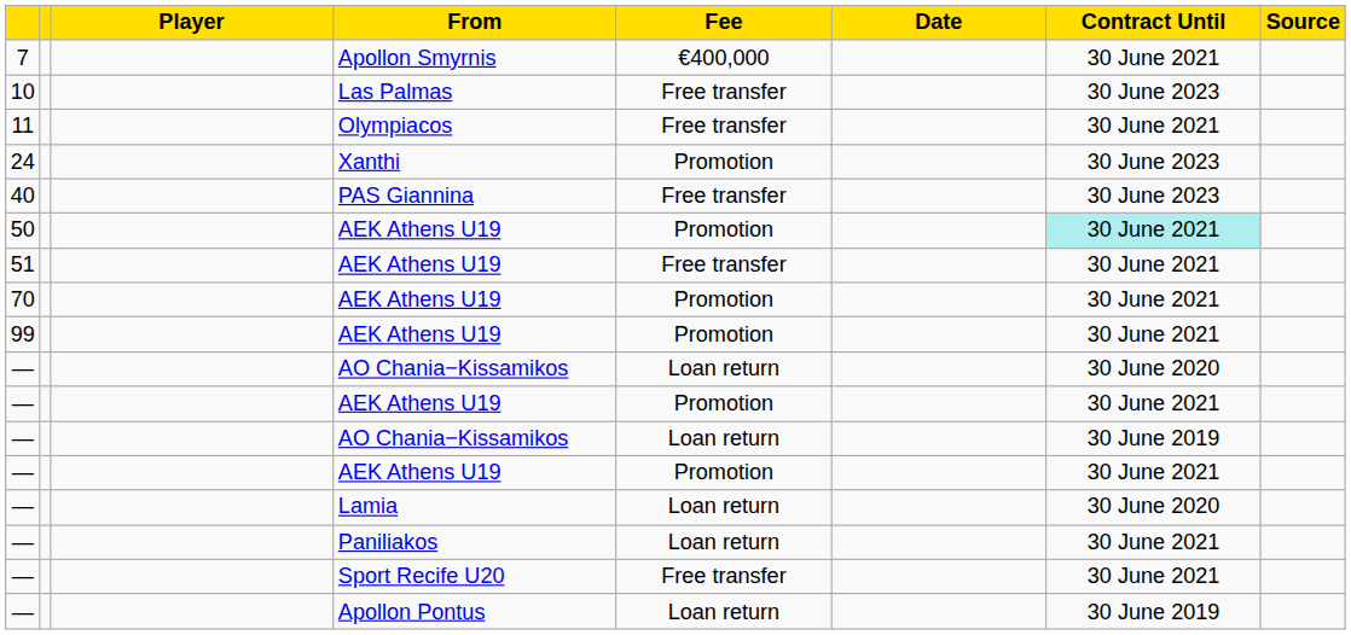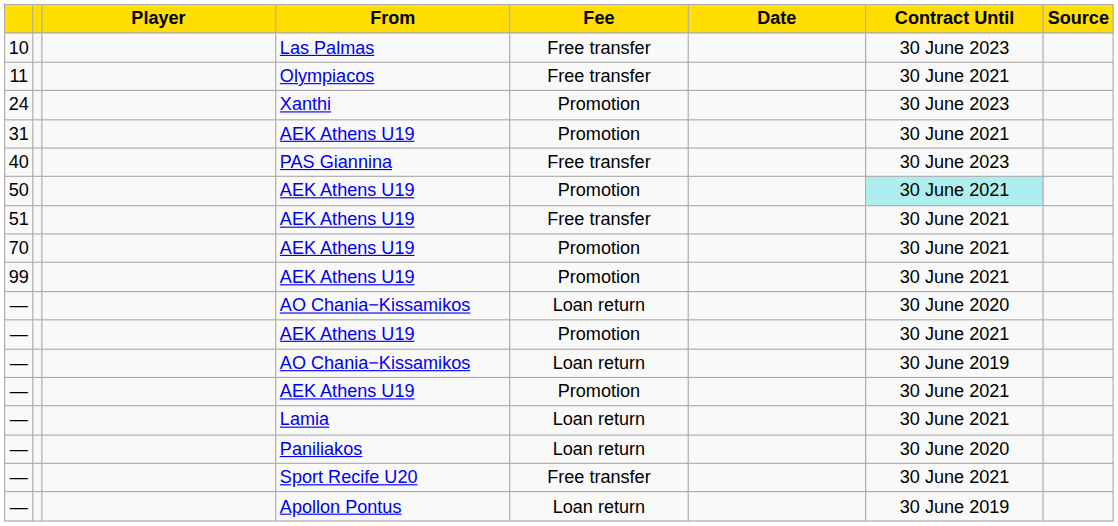 <table class="wikitable sortable">
 <tr>
 <th style="background:#FFDE00"></th>
 <th style="background:#FFDE00"></th>
 <th width=200 style="background:#FFDE00">Player</th>
 <th width=200 style="background:#FFDE00">From</th>
 <th width=150 style="background:#FFDE00">Fee</th>
 <th width=150 style="background:#FFDE00">Date</th>
 <th width=150 style="background:#FFDE00">Contract Until</th>
 <th style="background:#FFDE00">Source</th>
-</tr>
-<tr>
-<td align=center>7</td>
-<td align=center></td>
-<td></td>
-<td> <a href='#'>Apollon Smyrnis</a></td>
-<td align=center>€400,000</td>
-<td align=center></td>
-<td align=center>30 June 2021</td>
-<td align=center></td>
 </tr>
 <tr>
 <td align=center>10</td>
 <td align=center></td>
 <td></td>
 <td> <a href='#'>Las Palmas</a></td>
 <td align=center>Free transfer</td>
 <td align=center></td>
 <td align=center>30 June 2023</td>
 <td align=center></td>
 </tr>
 <tr>
 <td align=center>11</td>
 <td align=center></td>
 <td></td>
 <td> <a href='#'>Olympiacos</a></td>
 <td align=center>Free transfer</td>
 <td align=center></td>
 <td align=center>30 June 2021</td>
 <td align=center></td>
 </tr>
 <tr>
 <td align=center>24</td>
 <td align=center></td>
 <td></td>
 <td> <a href='#'>Xanthi</a></td>
 <td align=center>Promotion</td>
 <td align=center></td>
 <td align=center>30 June 2023</td>
+<td align=center></td>
+</tr>
+<tr>
+<td align=center>31</td>
+<td align=center></td>
+<td></td>
+<td> <a href='#'>AEK Athens U19</a></td>
+<td align=center>Promotion</td>
+<td align=center></td>
+<td align=center>30 June 2021</td>
 <td align=center></td>
 </tr>
 <tr>
 <td align=center>40</td>
 <td align=center></td>
 <td></td>
 <td> <a href='#'>PAS Giannina</a></td>
 <td align=center>Free transfer</td>
 <td align=center></td>
 <td align=center>30 June 2023</td>
 <td align=center></td>
 </tr>
 <tr>
 <td align=center>50</td>
 <td align=center></td>
 <td></td>
 <td> <a href='#'>AEK Athens U19</a></td>
 <td align=center>Promotion</td>
 <td align=center></td>
 <td align=center style="background: paleturquoise;">30 June 2021</td>
 <td align=center></td>
 </tr>
 <tr>
 <td align=center>51</td>
 <td align=center></td>
 <td></td>
 <td> <a href='#'>AEK Athens U19</a></td>
 <td align=center>Free transfer</td>
 <td align=center></td>
 <td align=center>30 June 2021</td>
 <td align=center></td>
 </tr>
 <tr>
 <td align=center>70</td>
 <td align=center></td>
 <td></td>
 <td> <a href='#'>AEK Athens U19</a></td>
 <td align=center>Promotion</td>
 <td align=center></td>
 <td align=center>30 June 2021</td>
 <td align=center></td>
 </tr>
 <tr>
 <td align=center>99</td>
 <td align=center></td>
 <td></td>
 <td> <a href='#'>AEK Athens U19</a></td>
 <td align=center>Promotion</td>
 <td align=center></td>
 <td align=center>30 June 2021</td>
 <td align=center></td>
 </tr>
 <tr>
 <td align=center>—</td>
 <td align=center></td>
 <td></td>
 <td> <a href='#'>AO Chania−Kissamikos</a></td>
 <td align=center>Loan return</td>
 <td align=center></td>
 <td align=center>30 June 2020</td>
 <td align=center></td>
 </tr>
 <tr>
 <td align=center>—</td>
 <td align=center></td>
 <td></td>
 <td> <a href='#'>AEK Athens U19</a></td>
 <td align=center>Promotion</td>
 <td align=center></td>
 <td align=center>30 June 2021</td>
 <td align=center></td>
 </tr>
 <tr>
 <td align=center>—</td>
 <td align=center></td>
 <td></td>
 <td> <a href='#'>AO Chania−Kissamikos</a></td>
 <td align=center>Loan return</td>
 <td align=center></td>
 <td align=center>30 June 2019</td>
 <td align=center></td>
 </tr>
 <tr>
 <td align=center>—</td>
 <td align=center></td>
 <td></td>
 <td> <a href='#'>AEK Athens U19</a></td>
 <td align=center>Promotion</td>
 <td align=center></td>
 <td align=center>30 June 2021</td>
 <td align=center></td>
 </tr>
 <tr>
 <td align=center>—</td>
 <td align=center></td>
 <td></td>
 <td> <a href='#'>Lamia</a></td>
 <td align=center>Loan return</td>
 <td align=center></td>
-<td align=center>30 June 2020</td>
+<td align=center>30 June 2021</td>
 <td align=center></td>
 </tr>
 <tr>
 <td align=center>—</td>
 <td align=center></td>
 <td></td>
 <td> <a href='#'>Paniliakos</a></td>
 <td align=center>Loan return</td>
 <td align=center></td>
-<td align=center>30 June 2021</td>
+<td align=center>30 June 2020</td>
 <td align=center></td>
 </tr>
 <tr>
 <td align=center>—</td>
 <td align=center></td>
 <td></td>
 <td> <a href='#'>Sport Recife U20</a></td>
 <td align=center>Free transfer</td>
 <td align=center></td>
 <td align=center>30 June 2021</td>
 <td align=center></td>
 </tr>
 <tr>
 <td align=center>—</td>
 <td align=center></td>
 <td></td>
 <td> <a href='#'>Apollon Pontus</a></td>
 <td align=center>Loan return</td>
 <td align=center></td>
 <td align=center>30 June 2019</td>
 <td align=center></td>
 </tr>
 </table>
